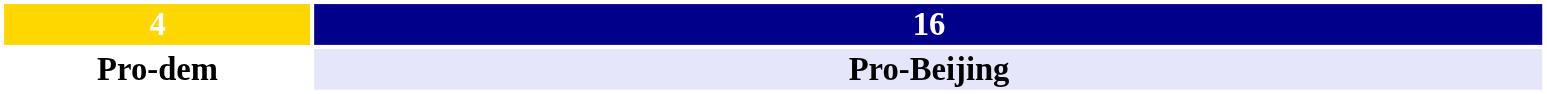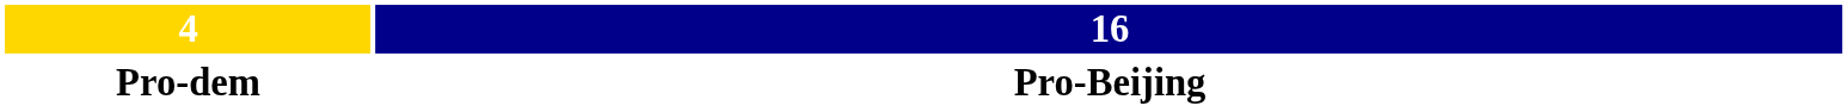 <table style="width:60%; text-align:center;">
 <tr style="color:white;">
 <td style="background:gold; width:20%;"><strong>4</strong></td>
 <td style="background:darkblue; width:80%;"><strong>16</strong></td>
 </tr>
 <tr>
 <td><span><strong>Pro-dem</strong></span></td>
-<td style="background: lavender;"><span><strong>Pro-Beijing</strong></span></td>
+<td><span><strong>Pro-Beijing</strong></span></td>
 </tr>
 </table>
